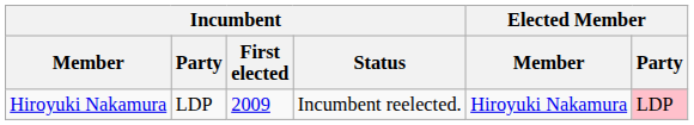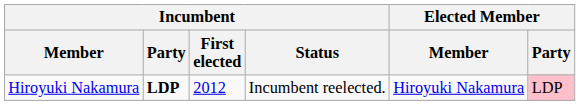 <table class="wikitable sortable">
 <tr>
 <th colspan=4>Incumbent</th>
 <th colspan=2>Elected Member</th>
 </tr>
 <tr>
 <th>Member</th>
 <th>Party</th>
 <th>First<br>elected</th>
 <th>Status</th>
 <th>Member</th>
 <th>Party</th>
 </tr>
 <tr>
 <td><a href='#'>Hiroyuki Nakamura</a></td>
-<td>LDP</td>
-<td><a href='#'>2009</a></td>
+<td><strong>LDP</strong></td>
+<td><a href='#'>2012</a></td>
 <td>Incumbent reelected.</td>
 <td><a href='#'>Hiroyuki Nakamura</a></td>
 <td style="background: pink;">LDP</td>
 </tr>
 </table>
